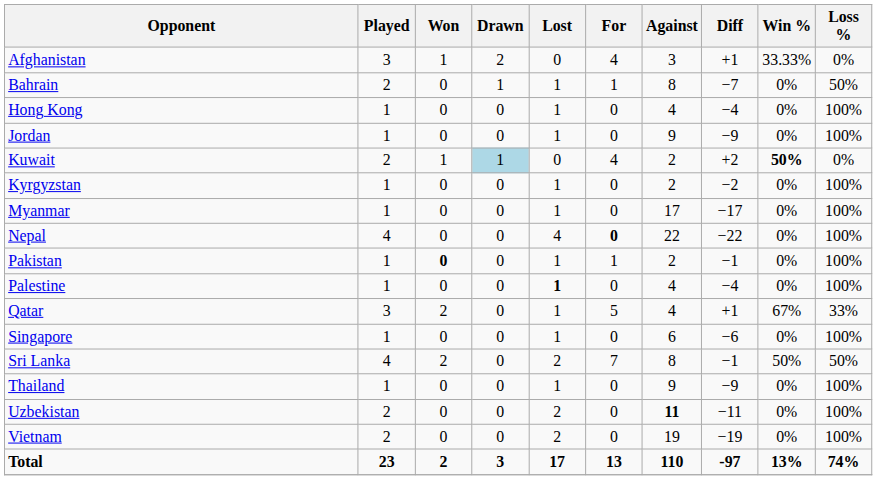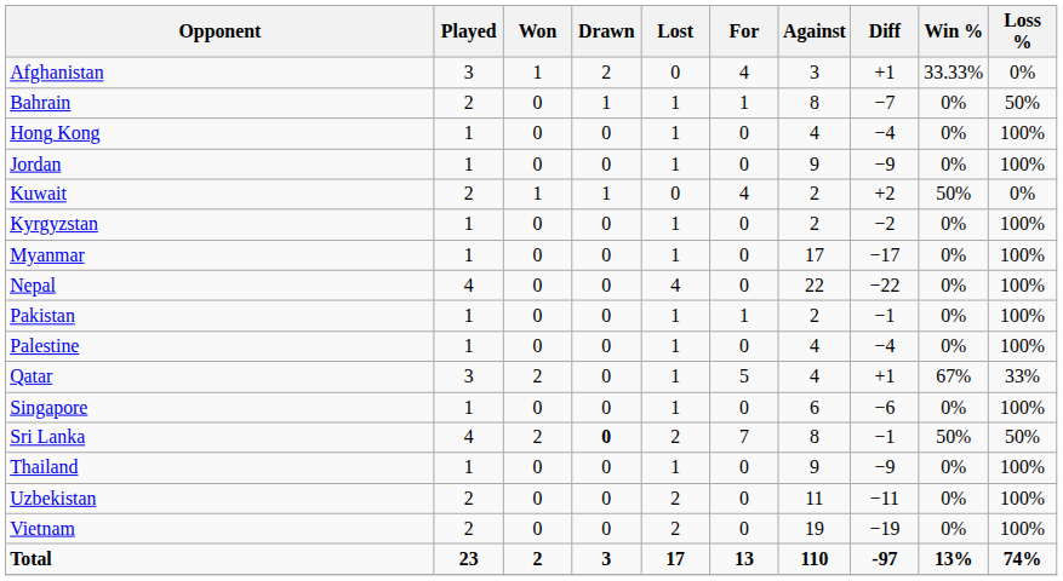 <table class="wikitable" border="1" style="text-align: center;">
 <tr>
 <th width = "350" align="left">Opponent</th>
 <th width = "50">Played</th>
 <th width = "50">Won</th>
 <th width = "50">Drawn</th>
 <th width = "50">Lost</th>
 <th width = "50">For</th>
 <th width = "50">Against</th>
 <th width = "50">Diff</th>
 <th width = "50">Win %</th>
 <th width = "50">Loss %</th>
 </tr>
 <tr>
 <td align="left"><strong></strong> <a href='#'>Afghanistan</a></td>
 <td>3</td>
 <td>1</td>
 <td>2</td>
 <td>0</td>
 <td>4</td>
 <td>3</td>
 <td>+1</td>
 <td>33.33%</td>
 <td>0%</td>
 </tr>
 <tr>
 <td align="left"><strong></strong> <a href='#'>Bahrain</a></td>
 <td>2</td>
 <td>0</td>
 <td>1</td>
 <td>1</td>
 <td>1</td>
 <td>8</td>
 <td>−7</td>
 <td>0%</td>
 <td>50%</td>
 </tr>
 <tr>
 <td align="left"><strong></strong> <a href='#'>Hong Kong</a></td>
 <td>1</td>
 <td>0</td>
 <td>0</td>
 <td>1</td>
 <td>0</td>
 <td>4</td>
 <td>−4</td>
 <td>0%</td>
 <td>100%</td>
 </tr>
 <tr>
 <td align="left"><strong></strong> <a href='#'>Jordan</a></td>
 <td>1</td>
 <td>0</td>
 <td>0</td>
 <td>1</td>
 <td>0</td>
 <td>9</td>
 <td>−9</td>
 <td>0%</td>
 <td>100%</td>
 </tr>
 <tr>
 <td align="left"><strong></strong> <a href='#'>Kuwait</a></td>
 <td>2</td>
 <td>1</td>
-<td style="background: lightblue;">1</td>
+<td>1</td>
 <td>0</td>
 <td>4</td>
 <td>2</td>
 <td>+2</td>
-<td><strong>50%</strong></td>
+<td>50%</td>
 <td>0%</td>
 </tr>
 <tr>
 <td align="left"><strong></strong> <a href='#'>Kyrgyzstan</a></td>
 <td>1</td>
 <td>0</td>
 <td>0</td>
 <td>1</td>
 <td>0</td>
 <td>2</td>
 <td>−2</td>
 <td>0%</td>
 <td>100%</td>
 </tr>
 <tr>
 <td align="left"><strong></strong> <a href='#'>Myanmar</a></td>
 <td>1</td>
 <td>0</td>
 <td>0</td>
 <td>1</td>
 <td>0</td>
 <td>17</td>
 <td>−17</td>
 <td>0%</td>
 <td>100%</td>
 </tr>
 <tr>
 <td align="left"><strong></strong> <a href='#'>Nepal</a></td>
 <td>4</td>
 <td>0</td>
 <td>0</td>
 <td>4</td>
-<td><strong>0</strong></td>
+<td>0</td>
 <td>22</td>
 <td>−22</td>
 <td>0%</td>
 <td>100%</td>
 </tr>
 <tr>
 <td align="left"><strong></strong> <a href='#'>Pakistan</a></td>
 <td>1</td>
-<td><strong>0</strong></td>
+<td>0</td>
 <td>0</td>
 <td>1</td>
 <td>1</td>
 <td>2</td>
 <td>−1</td>
 <td>0%</td>
 <td>100%</td>
 </tr>
 <tr>
 <td align="left"><strong></strong> <a href='#'>Palestine</a></td>
 <td>1</td>
 <td>0</td>
 <td>0</td>
-<td><strong>1</strong></td>
+<td>1</td>
 <td>0</td>
 <td>4</td>
 <td>−4</td>
 <td>0%</td>
 <td>100%</td>
 </tr>
 <tr>
 <td align="left"><strong></strong> <a href='#'>Qatar</a></td>
 <td>3</td>
 <td>2</td>
 <td>0</td>
 <td>1</td>
 <td>5</td>
 <td>4</td>
 <td>+1</td>
 <td>67%</td>
 <td>33%</td>
 </tr>
 <tr>
 <td align="left"><strong></strong> <a href='#'>Singapore</a></td>
 <td>1</td>
 <td>0</td>
 <td>0</td>
 <td>1</td>
 <td>0</td>
 <td>6</td>
 <td>−6</td>
 <td>0%</td>
 <td>100%</td>
 </tr>
 <tr>
 <td align="left"><strong></strong> <a href='#'>Sri Lanka</a></td>
 <td>4</td>
 <td>2</td>
-<td>0</td>
+<td><strong>0</strong></td>
 <td>2</td>
 <td>7</td>
 <td>8</td>
 <td>−1</td>
 <td>50%</td>
 <td>50%</td>
 </tr>
 <tr>
 <td align="left"><strong></strong> <a href='#'>Thailand</a></td>
 <td>1</td>
 <td>0</td>
 <td>0</td>
 <td>1</td>
 <td>0</td>
 <td>9</td>
 <td>−9</td>
 <td>0%</td>
 <td>100%</td>
 </tr>
 <tr>
 <td align="left"><strong></strong> <a href='#'>Uzbekistan</a></td>
 <td>2</td>
 <td>0</td>
 <td>0</td>
 <td>2</td>
 <td>0</td>
-<td><strong>11</strong></td>
+<td>11</td>
 <td>−11</td>
 <td>0%</td>
 <td>100%</td>
 </tr>
 <tr>
 <td align="left"><strong></strong> <a href='#'>Vietnam</a></td>
 <td>2</td>
 <td>0</td>
 <td>0</td>
 <td>2</td>
 <td>0</td>
 <td>19</td>
 <td>−19</td>
 <td>0%</td>
 <td>100%</td>
 </tr>
 <tr>
 <td align="left"><strong>Total</strong></td>
 <td><strong>23</strong></td>
 <td><strong>2</strong></td>
 <td><strong>3</strong></td>
 <td><strong>17</strong></td>
 <td><strong>13</strong></td>
 <td><strong>110</strong></td>
 <td><strong>-97</strong></td>
 <td><strong>13%</strong></td>
 <td><strong>74%</strong></td>
 </tr>
 <tr>
 </tr>
 </table>
